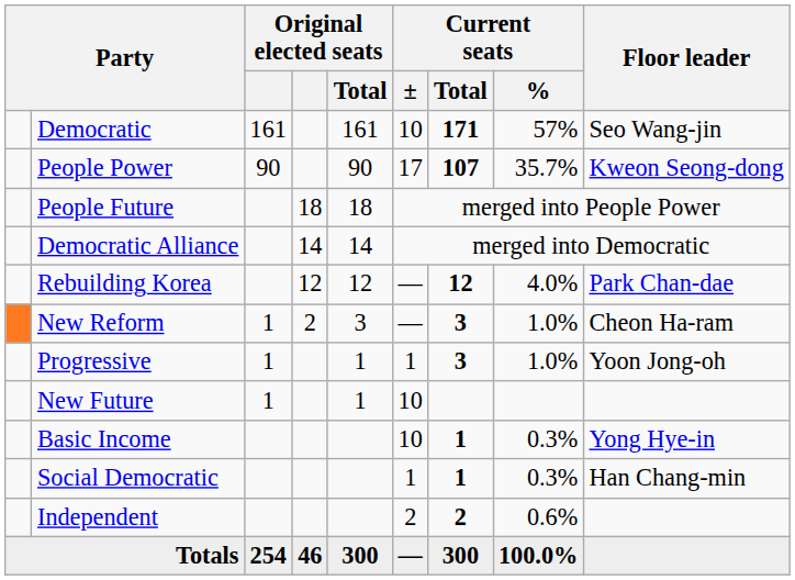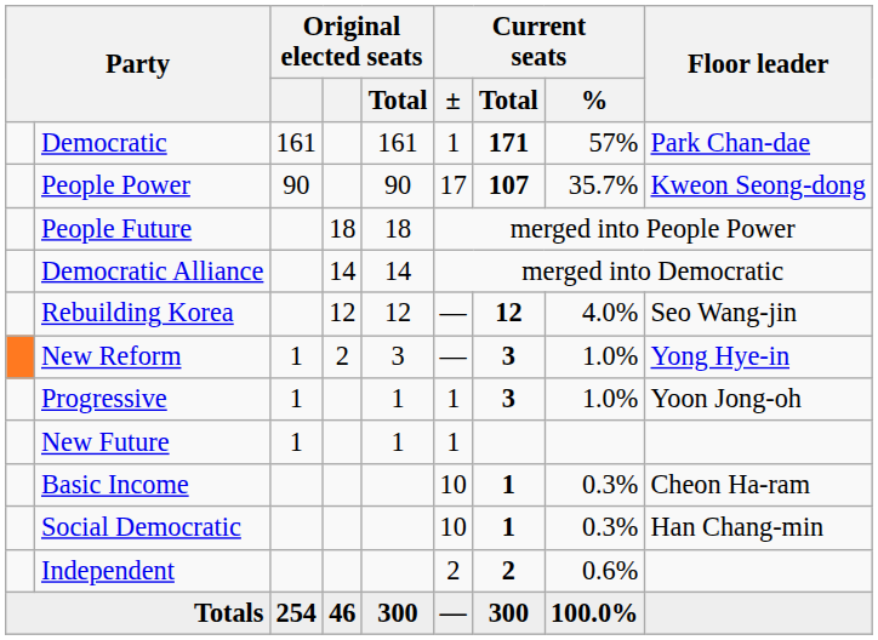 <table class="wikitable" style="text-align:center">
 <tr>
 <th scope="col" rowspan="2" colspan="2">Party</th>
 <th scope="col" colspan="3">Original<br>elected seats</th>
 <th scope="col" colspan="3">Current<br>seats</th>
 <th scope="col" rowspan="2">Floor leader</th>
 </tr>
 <tr>
 <th scope="col"></th>
 <th scope="col"></th>
 <th scope="col">Total</th>
 <th scope="col">±</th>
 <th scope="col">Total</th>
 <th scope="col">%</th>
 </tr>
 <tr>
 <td scope="row" style="background:"></td>
 <td style="text-align:left"><a href='#'>Democratic</a></td>
 <td>161</td>
 <td></td>
 <td>161</td>
-<td> 10</td>
+<td> 1</td>
 <td><strong>171</strong></td>
 <td style="text-align:right">57%</td>
-<td style="text-align:left">Seo Wang-jin</td>
+<td style="text-align:left"><a href='#'>Park Chan-dae</a></td>
 </tr>
 <tr>
 <td scope="row" width="10" style="background:"></td>
 <td style="text-align:left"><a href='#'>People Power</a></td>
 <td>90</td>
 <td></td>
 <td>90</td>
 <td> 17</td>
 <td><strong>107</strong></td>
 <td style="text-align:right">35.7%</td>
 <td style="text-align:left"><a href='#'>Kweon Seong-dong</a></td>
 </tr>
 <tr>
 <td scope="row" width="10" style="background:"></td>
 <td style="text-align:left"><a href='#'>People Future</a></td>
 <td></td>
 <td>18</td>
 <td>18</td>
 <td colspan="4">merged into People Power</td>
 </tr>
 <tr>
 <td scope="row" style="background:"></td>
 <td style="text-align:left"><a href='#'>Democratic Alliance</a></td>
 <td></td>
 <td>14</td>
 <td>14</td>
 <td colspan="4">merged into Democratic</td>
 </tr>
 <tr>
 <td scope="row" style="background:"></td>
 <td style="text-align:left"><a href='#'>Rebuilding Korea</a></td>
 <td></td>
 <td>12</td>
 <td>12</td>
 <td>—</td>
 <td><strong>12</strong></td>
 <td style="text-align:right">4.0%</td>
-<td style="text-align:left"><a href='#'>Park Chan-dae</a></td>
+<td style="text-align:left">Seo Wang-jin</td>
 </tr>
 <tr>
 <td scope="row" width="10" style="background:#FF7920"></td>
 <td style="text-align:left"><a href='#'>New Reform</a></td>
 <td>1</td>
 <td>2</td>
 <td>3</td>
 <td>—</td>
 <td><strong>3</strong></td>
 <td style="text-align:right">1.0%</td>
-<td style="text-align:left">Cheon Ha-ram</td>
+<td style="text-align:left"><a href='#'>Yong Hye-in</a></td>
 </tr>
 <tr>
 <td scope="row" width="10" style="background:"></td>
 <td style="text-align:left"><a href='#'>Progressive</a></td>
 <td>1</td>
 <td></td>
 <td>1</td>
 <td> 1</td>
 <td><strong>3</strong></td>
 <td style="text-align:right">1.0%</td>
 <td style="text-align:left">Yoon Jong-oh</td>
 </tr>
 <tr>
 <td scope="row" width="10" style="background:"></td>
 <td style="text-align:left"><a href='#'>New Future</a></td>
 <td>1</td>
 <td></td>
 <td>1</td>
-<td> 10</td>
+<td> 1</td>
 <td></td>
 <td></td>
 <td></td>
 </tr>
 <tr>
 <td scope="row" width="10" style="background:"></td>
 <td style="text-align:left"><a href='#'>Basic Income</a></td>
 <td></td>
 <td></td>
 <td></td>
 <td> 10</td>
 <td><strong>1</strong></td>
 <td style="text-align:right">0.3%</td>
-<td style="text-align:left"><a href='#'>Yong Hye-in</a></td>
+<td style="text-align:left">Cheon Ha-ram</td>
 </tr>
 <tr>
 <td scope="row" width="10" style="background:"></td>
 <td style="text-align:left"><a href='#'>Social Democratic</a></td>
 <td></td>
 <td></td>
 <td></td>
-<td> 1</td>
+<td> 10</td>
 <td><strong>1</strong></td>
 <td style="text-align:right">0.3%</td>
 <td style="text-align:left">Han Chang-min</td>
 </tr>
 <tr>
 <td scope="row" width="10" style="background:"></td>
 <td style= "text-align:left"><a href='#'>Independent</a></td>
 <td></td>
 <td></td>
 <td></td>
 <td> 2</td>
 <td><strong>2</strong></td>
 <td style="text-align:right">0.6%</td>
 <td></td>
 </tr>
 <tr style="background:#eee;">
 <td scope="row" colspan="2" style="text-align:right"><strong>Totals</strong></td>
 <td><strong>254</strong></td>
 <td><strong>46</strong></td>
 <td><strong>300</strong></td>
 <td><strong>—</strong></td>
 <td><strong>300</strong></td>
 <td style="text-align:right"><strong>100.0%</strong></td>
 <td></td>
 </tr>
 </table>
